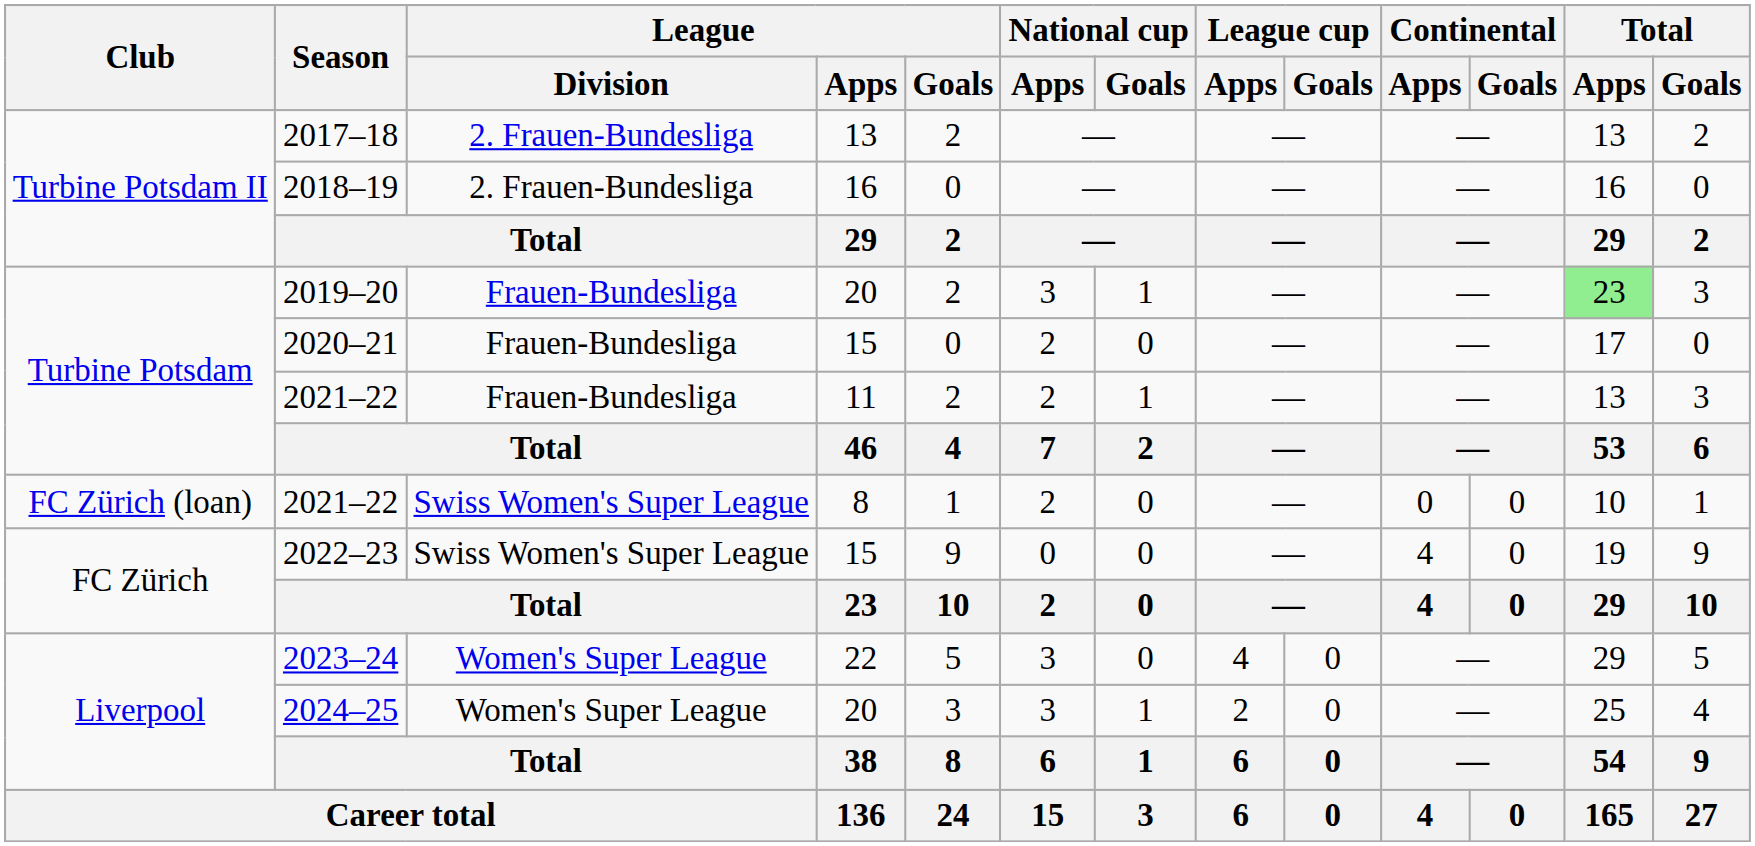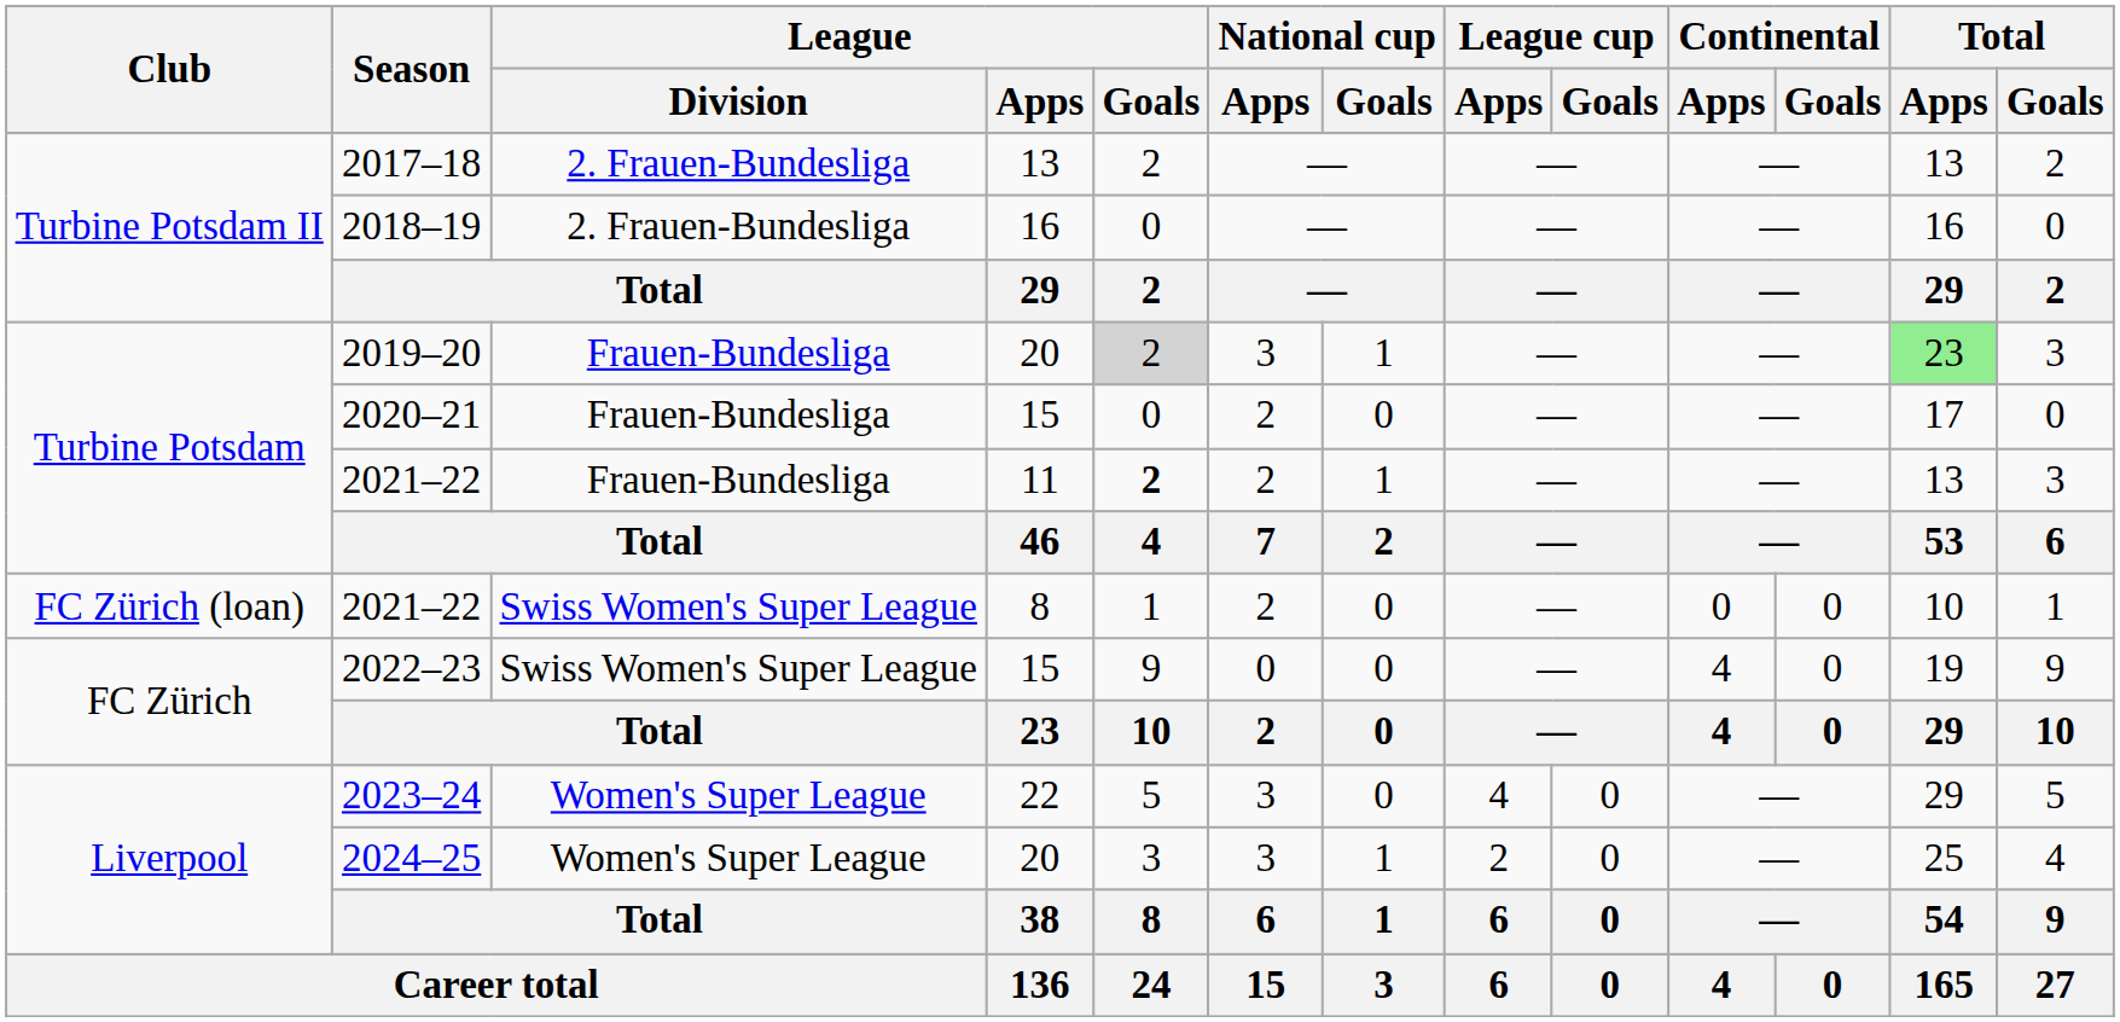 <table class="wikitable" style="text-align:center">
 <tr>
 <th rowspan="2">Club</th>
 <th rowspan="2">Season</th>
 <th colspan="3">League</th>
 <th colspan="2">National cup</th>
 <th colspan="2">League cup</th>
 <th colspan="2">Continental</th>
 <th colspan="2">Total</th>
 </tr>
 <tr>
 <th>Division</th>
 <th>Apps</th>
 <th>Goals</th>
 <th>Apps</th>
 <th>Goals</th>
 <th>Apps</th>
 <th>Goals</th>
 <th>Apps</th>
 <th>Goals</th>
 <th>Apps</th>
 <th>Goals</th>
 </tr>
 <tr>
 <td rowspan="3"><a href='#'>Turbine Potsdam II</a></td>
 <td>2017–18</td>
 <td><a href='#'>2. Frauen-Bundesliga</a></td>
 <td>13</td>
 <td>2</td>
 <td colspan="2">—</td>
 <td colspan="2">—</td>
 <td colspan="2">—</td>
 <td>13</td>
 <td>2</td>
 </tr>
 <tr>
 <td>2018–19</td>
 <td>2. Frauen-Bundesliga</td>
 <td>16</td>
 <td>0</td>
 <td colspan="2">—</td>
 <td colspan="2">—</td>
 <td colspan="2">—</td>
 <td>16</td>
 <td>0</td>
 </tr>
 <tr>
 <th colspan="2">Total</th>
 <th>29</th>
 <th>2</th>
 <th colspan="2">—</th>
 <th colspan="2">—</th>
 <th colspan="2">—</th>
 <th>29</th>
 <th>2</th>
 </tr>
 <tr>
 <td rowspan="4"><a href='#'>Turbine Potsdam</a></td>
 <td>2019–20</td>
 <td><a href='#'>Frauen-Bundesliga</a></td>
 <td>20</td>
-<td>2</td>
+<td style="background: lightgrey;">2</td>
 <td>3</td>
 <td>1</td>
 <td colspan="2">—</td>
 <td colspan="2">—</td>
 <td style="background: lightgreen;">23</td>
 <td>3</td>
 </tr>
 <tr>
 <td>2020–21</td>
 <td>Frauen-Bundesliga</td>
 <td>15</td>
 <td>0</td>
 <td>2</td>
 <td>0</td>
 <td colspan="2">—</td>
 <td colspan="2">—</td>
 <td>17</td>
 <td>0</td>
 </tr>
 <tr>
 <td>2021–22</td>
 <td>Frauen-Bundesliga</td>
 <td>11</td>
-<td>2</td>
+<td><strong>2</strong></td>
 <td>2</td>
 <td>1</td>
 <td colspan="2">—</td>
 <td colspan="2">—</td>
 <td>13</td>
 <td>3</td>
 </tr>
 <tr>
 <th colspan="2">Total</th>
 <th>46</th>
 <th>4</th>
 <th>7</th>
 <th>2</th>
 <th colspan="2">—</th>
 <th colspan="2">—</th>
 <th>53</th>
 <th>6</th>
 </tr>
 <tr>
 <td><a href='#'>FC Zürich</a> (loan)</td>
 <td>2021–22</td>
 <td><a href='#'>Swiss Women's Super League</a></td>
 <td>8</td>
 <td>1</td>
 <td>2</td>
 <td>0</td>
 <td colspan="2">—</td>
 <td>0</td>
 <td>0</td>
 <td>10</td>
 <td>1</td>
 </tr>
 <tr>
 <td rowspan="2">FC Zürich</td>
 <td>2022–23</td>
 <td>Swiss Women's Super League</td>
 <td>15</td>
 <td>9</td>
 <td>0</td>
 <td>0</td>
 <td colspan="2">—</td>
 <td>4</td>
 <td>0</td>
 <td>19</td>
 <td>9</td>
 </tr>
 <tr>
 <th colspan="2">Total</th>
 <th>23</th>
 <th>10</th>
 <th>2</th>
 <th>0</th>
 <th colspan="2">—</th>
 <th>4</th>
 <th>0</th>
 <th>29</th>
 <th>10</th>
 </tr>
 <tr>
 <td rowspan="3"><a href='#'>Liverpool</a></td>
 <td><a href='#'>2023–24</a></td>
 <td><a href='#'>Women's Super League</a></td>
 <td>22</td>
 <td>5</td>
 <td>3</td>
 <td>0</td>
 <td>4</td>
 <td>0</td>
 <td colspan="2">—</td>
 <td>29</td>
 <td>5</td>
 </tr>
 <tr>
 <td><a href='#'>2024–25</a></td>
 <td>Women's Super League</td>
 <td>20</td>
 <td>3</td>
 <td>3</td>
 <td>1</td>
 <td>2</td>
 <td>0</td>
 <td colspan="2">—</td>
 <td>25</td>
 <td>4</td>
 </tr>
 <tr>
 <th colspan="2">Total</th>
 <th>38</th>
 <th>8</th>
 <th>6</th>
 <th>1</th>
 <th>6</th>
 <th>0</th>
 <th colspan="2">—</th>
 <th>54</th>
 <th>9</th>
 </tr>
 <tr>
 <th colspan="3">Career total</th>
 <th>136</th>
 <th>24</th>
 <th>15</th>
 <th>3</th>
 <th>6</th>
 <th>0</th>
 <th>4</th>
 <th>0</th>
 <th>165</th>
 <th>27</th>
 </tr>
 </table>
